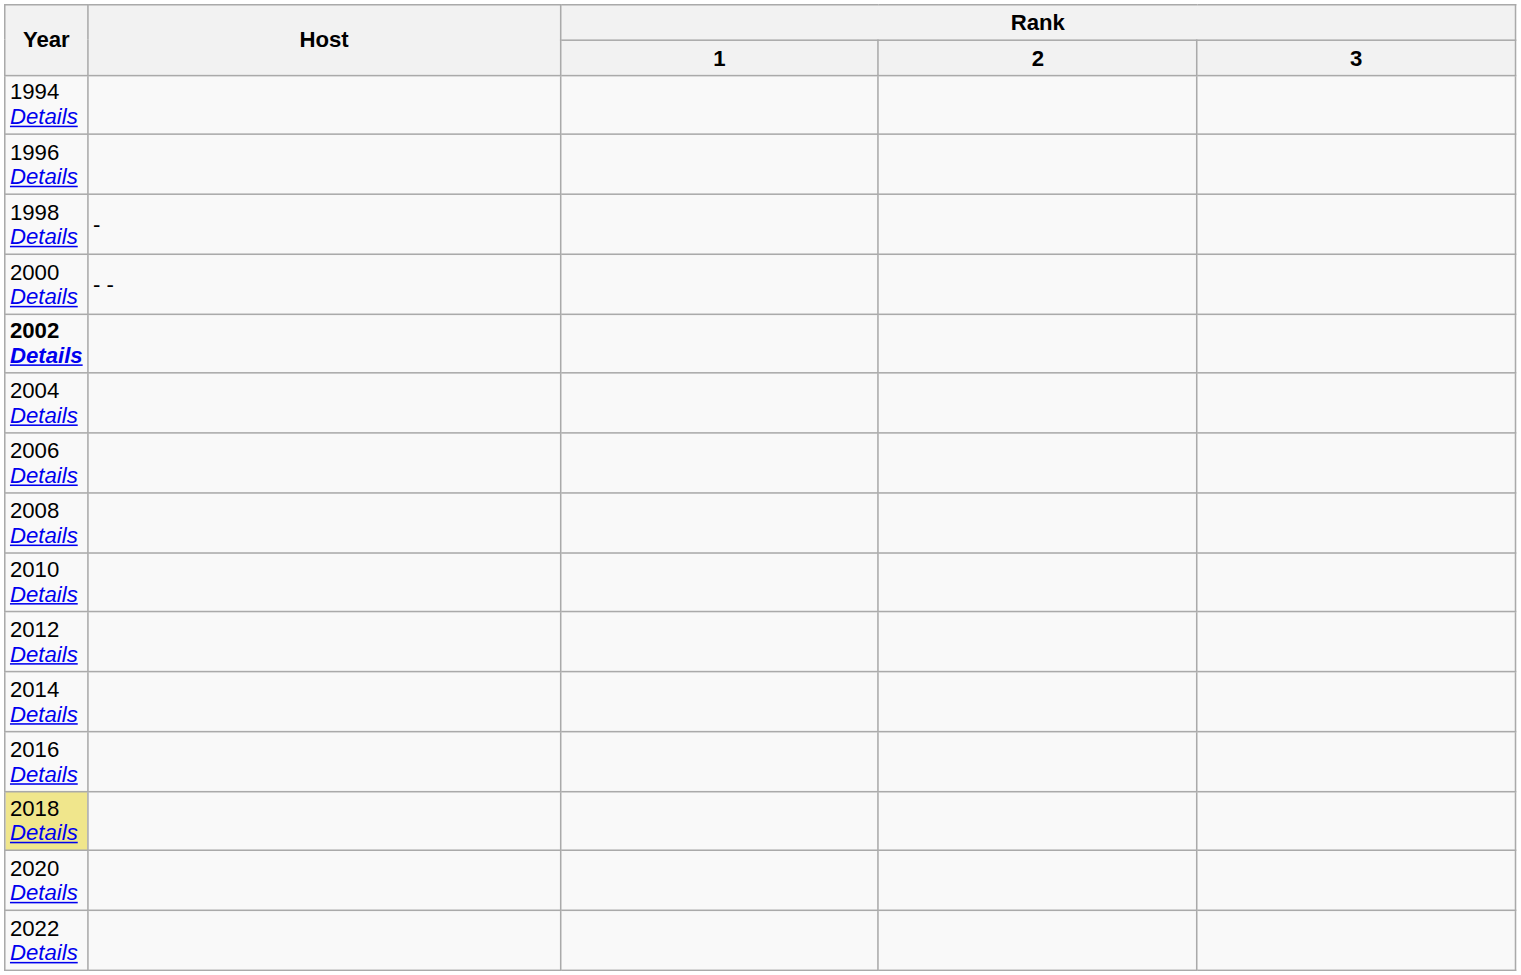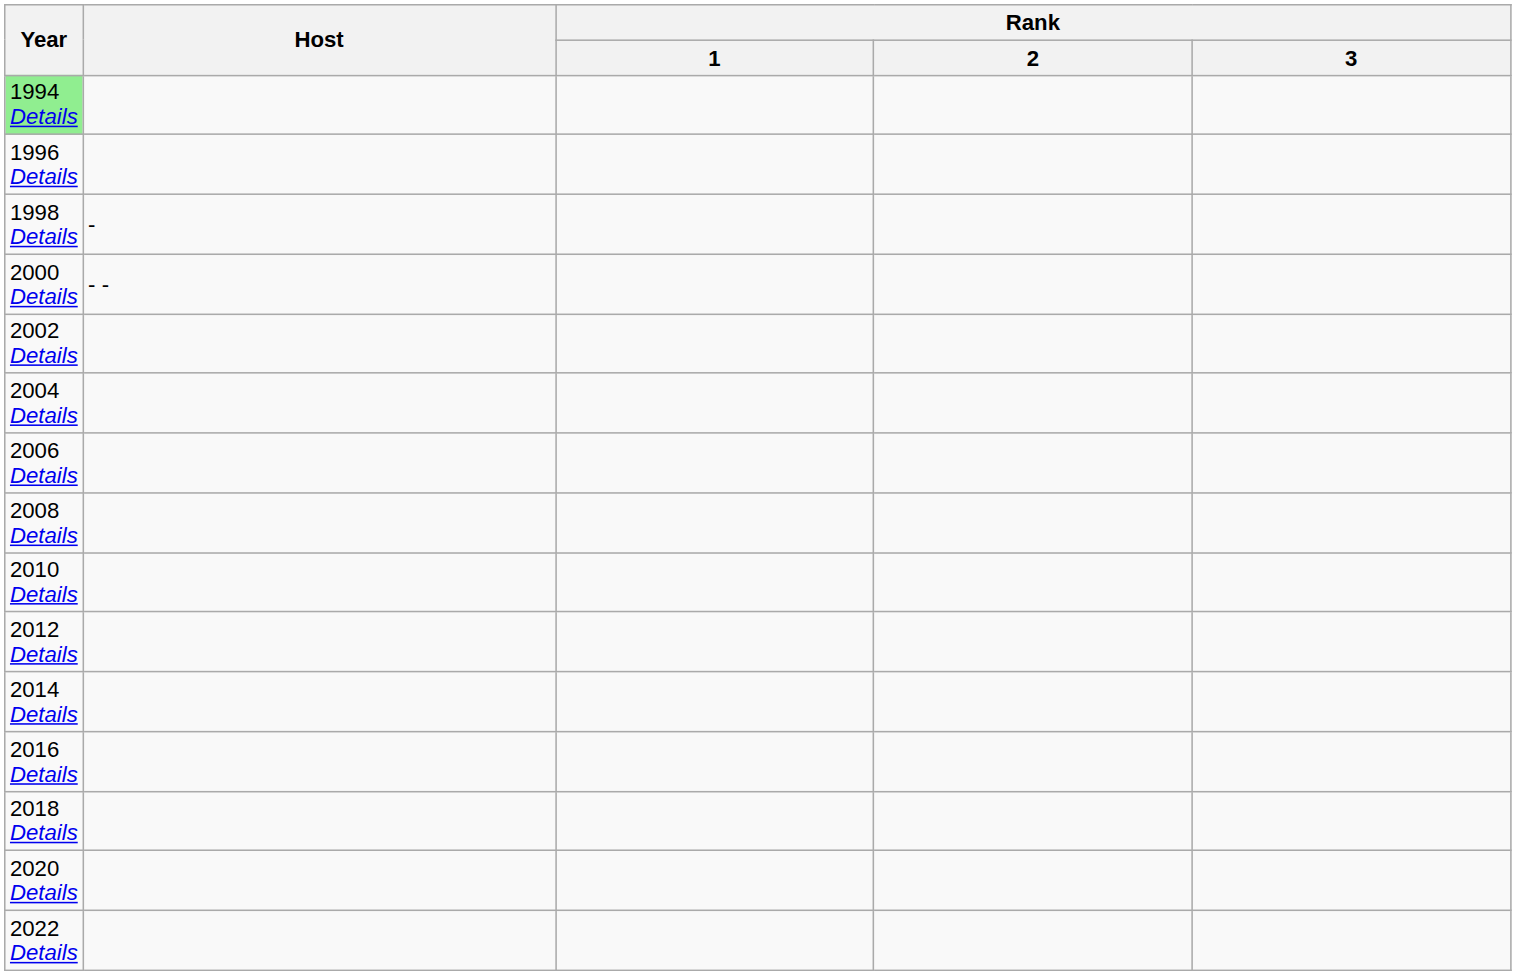 <table class="wikitable" style="text-align:center; font-size:90%">
 <tr>
 <th rowspan="2" style="width:20px;">Year</th>
 <th rowspan="2" style="width:300px;">Host</th>
 <th colspan=3>Rank</th>
 </tr>
 <tr>
 <th width=200>1</th>
 <th width=200>2</th>
 <th width=200>3</th>
 </tr>
 <tr align=left>
-<td>1994 <br> <em><a href='#'>Details</a></em></td>
+<td style="background: lightgreen;">1994 <br> <em><a href='#'>Details</a></em></td>
 <td></td>
 <td></td>
 <td></td>
 <td></td>
 </tr>
 <tr align=left>
 <td>1996 <br> <em><a href='#'>Details</a></em></td>
 <td></td>
 <td></td>
 <td></td>
 <td></td>
 </tr>
 <tr align=left>
 <td>1998 <br> <em><a href='#'>Details</a></em></td>
 <td> - </td>
 <td></td>
 <td></td>
 <td></td>
 </tr>
 <tr align=left>
 <td>2000 <br> <em><a href='#'>Details</a></em></td>
 <td> -  - </td>
 <td></td>
 <td></td>
 <td></td>
 </tr>
 <tr align=left>
-<td><strong>2002 <br> <em><a href='#'>Details</a></em></strong></td>
+<td>2002 <br> <em><a href='#'>Details</a></em></td>
 <td></td>
 <td></td>
 <td></td>
 <td></td>
 </tr>
 <tr align=left>
 <td>2004 <br> <em><a href='#'>Details</a></em></td>
 <td></td>
 <td></td>
 <td></td>
 <td></td>
 </tr>
 <tr align=left>
 <td>2006 <br> <em><a href='#'>Details</a></em></td>
 <td></td>
 <td></td>
 <td></td>
 <td></td>
 </tr>
 <tr align=left>
 <td>2008 <br> <em><a href='#'>Details</a></em></td>
 <td></td>
 <td></td>
 <td></td>
 <td></td>
 </tr>
 <tr align=left>
 <td>2010 <br> <em><a href='#'>Details</a></em></td>
 <td></td>
 <td></td>
 <td></td>
 <td></td>
 </tr>
 <tr align=left>
 <td>2012 <br> <em><a href='#'>Details</a></em></td>
 <td></td>
 <td></td>
 <td></td>
 <td></td>
 </tr>
 <tr align=left>
 <td>2014 <br> <em><a href='#'>Details</a></em></td>
 <td></td>
 <td></td>
 <td></td>
 <td></td>
 </tr>
 <tr align=left>
 <td>2016 <br> <em><a href='#'>Details</a></em></td>
 <td></td>
 <td></td>
 <td></td>
 <td></td>
 </tr>
 <tr align=left>
-<td style="background: khaki;">2018 <br> <em><a href='#'>Details</a></em></td>
+<td>2018 <br> <em><a href='#'>Details</a></em></td>
 <td></td>
 <td></td>
 <td></td>
 <td></td>
 </tr>
 <tr align=left>
 <td>2020 <br> <em><a href='#'>Details</a></em></td>
 <td></td>
 <td></td>
 <td></td>
 <td></td>
 </tr>
 <tr align=left>
 <td>2022 <br> <em><a href='#'>Details</a></em></td>
 <td></td>
 <td></td>
 <td></td>
 <td></td>
 </tr>
 </table>
